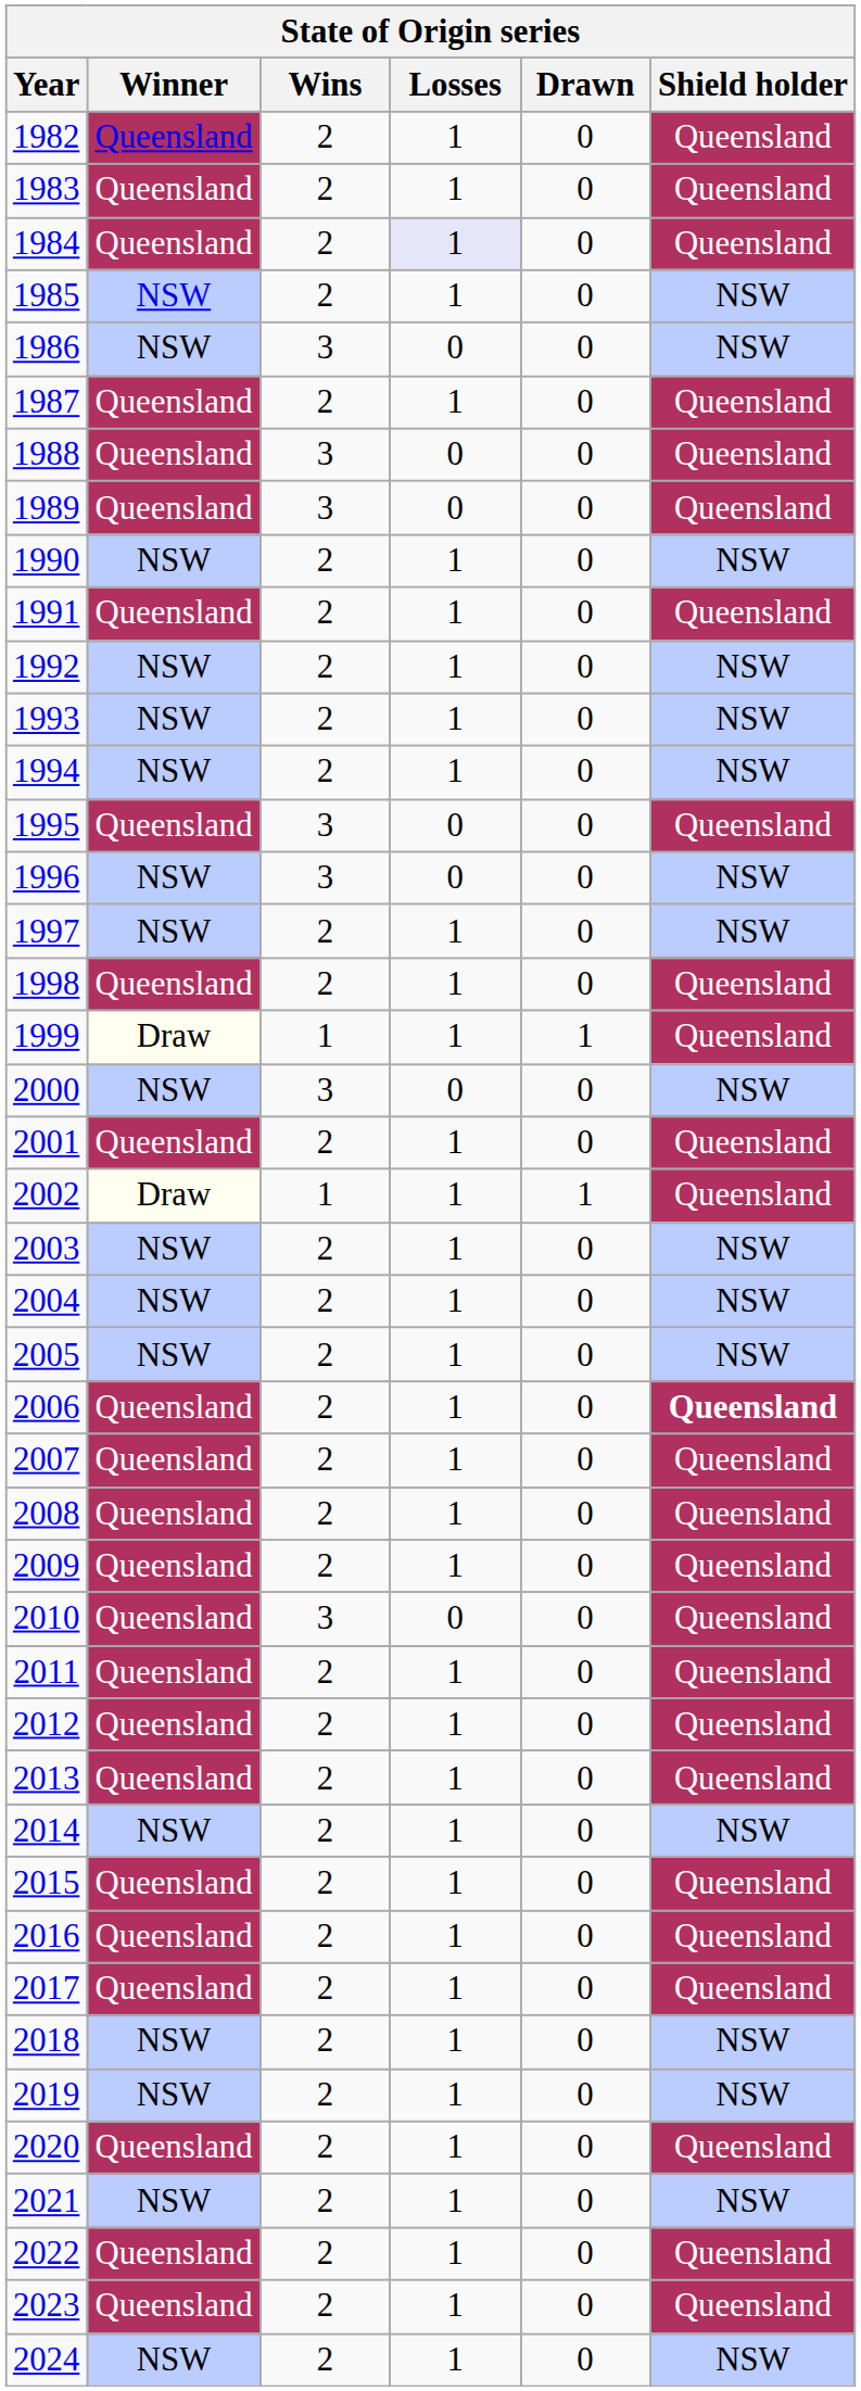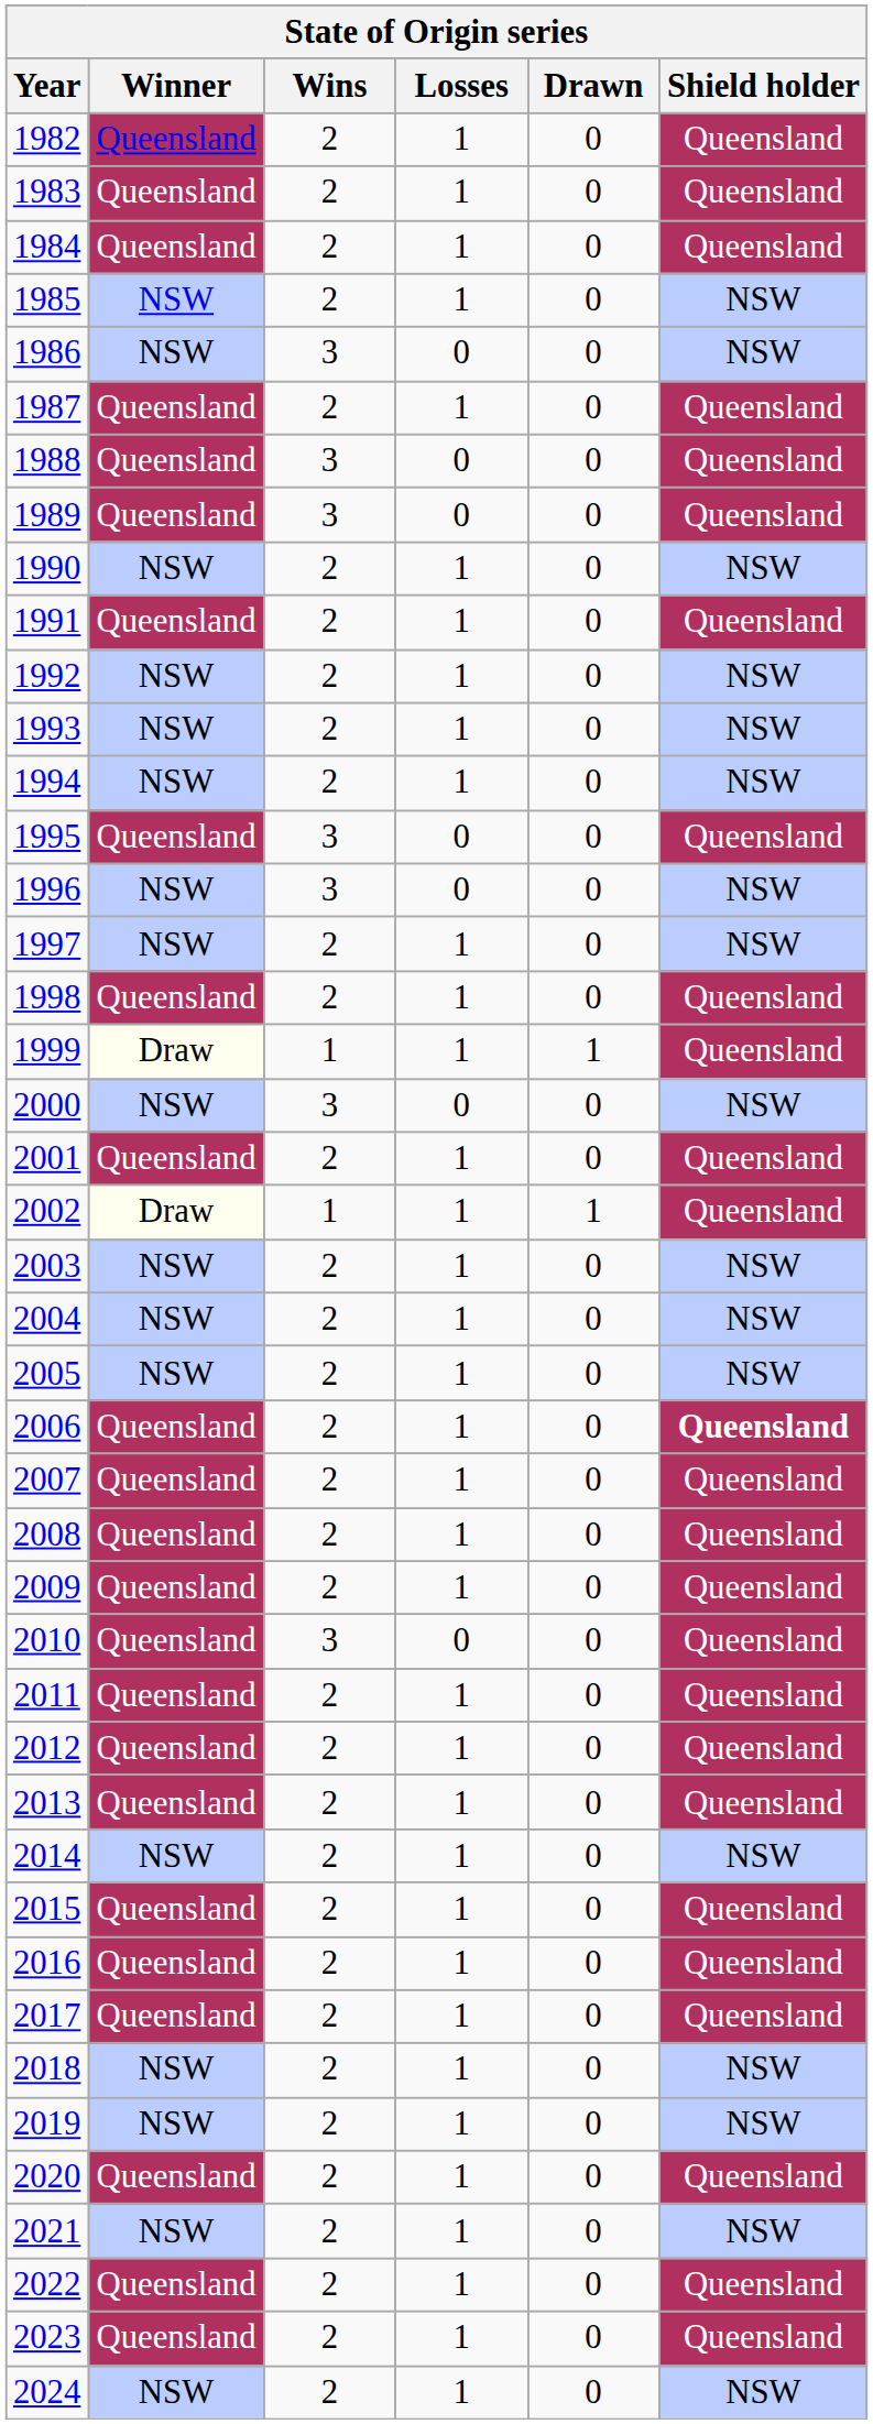 <table class="wikitable sortable" style="margin: 1em auto; text-align:center;">
 <tr>
 <th colspan=6>State of Origin series</th>
 </tr>
 <tr>
 <th>Year</th>
 <th>Winner</th>
 <th width=55px>Wins</th>
 <th width=55px>Losses</th>
 <th width=55px>Drawn</th>
 <th>Shield holder</th>
 </tr>
 <tr>
 <td><a href='#'>1982</a></td>
 <td style="background:#b03060;color:white"><a href='#'><span>Queensland</span></a></td>
 <td>2</td>
 <td>1</td>
 <td>0</td>
 <td style="background:#b03060;color:white">Queensland</td>
 </tr>
 <tr>
 <td><a href='#'>1983</a></td>
 <td style="background:#b03060;color:white">Queensland</td>
 <td>2</td>
 <td>1</td>
 <td>0</td>
 <td style="background:#b03060;color:white">Queensland</td>
 </tr>
 <tr>
 <td><a href='#'>1984</a></td>
 <td style="background:#b03060;color:white">Queensland</td>
 <td>2</td>
-<td style="background: lavender;">1</td>
+<td>1</td>
 <td>0</td>
 <td style="background:#b03060;color:white">Queensland</td>
 </tr>
 <tr>
 <td><a href='#'>1985</a></td>
 <td style="background:#bcf"><a href='#'>NSW</a></td>
 <td>2</td>
 <td>1</td>
 <td>0</td>
 <td style="background:#bcf;">NSW</td>
 </tr>
 <tr>
 <td><a href='#'>1986</a></td>
 <td style="background:#bcf">NSW</td>
 <td>3</td>
 <td>0</td>
 <td>0</td>
 <td style="background:#bcf;">NSW</td>
 </tr>
 <tr>
 <td><a href='#'>1987</a></td>
 <td style="background:#b03060;color:white">Queensland</td>
 <td>2</td>
 <td>1</td>
 <td>0</td>
 <td style="background:#b03060;color:white">Queensland</td>
 </tr>
 <tr>
 <td><a href='#'>1988</a></td>
 <td style="background:#b03060;color:white">Queensland</td>
 <td>3</td>
 <td>0</td>
 <td>0</td>
 <td style="background:#b03060;color:white">Queensland</td>
 </tr>
 <tr>
 <td><a href='#'>1989</a></td>
 <td style="background:#b03060;color:white">Queensland</td>
 <td>3</td>
 <td>0</td>
 <td>0</td>
 <td style="background:#b03060;color:white">Queensland</td>
 </tr>
 <tr>
 <td><a href='#'>1990</a></td>
 <td style="background:#bcf">NSW</td>
 <td>2</td>
 <td>1</td>
 <td>0</td>
 <td style="background:#bcf;">NSW</td>
 </tr>
 <tr>
 <td><a href='#'>1991</a></td>
 <td style="background:#b03060;color:white">Queensland</td>
 <td>2</td>
 <td>1</td>
 <td>0</td>
 <td style="background:#b03060;color:white">Queensland</td>
 </tr>
 <tr>
 <td><a href='#'>1992</a></td>
 <td style="background:#bcf">NSW</td>
 <td>2</td>
 <td>1</td>
 <td>0</td>
 <td style="background:#bcf;">NSW</td>
 </tr>
 <tr>
 <td><a href='#'>1993</a></td>
 <td style="background:#bcf">NSW</td>
 <td>2</td>
 <td>1</td>
 <td>0</td>
 <td style="background:#bcf;">NSW</td>
 </tr>
 <tr>
 <td><a href='#'>1994</a></td>
 <td style="background:#bcf">NSW</td>
 <td>2</td>
 <td>1</td>
 <td>0</td>
 <td style="background:#bcf;">NSW</td>
 </tr>
 <tr>
 <td><a href='#'>1995</a></td>
 <td style="background:#b03060;color:white">Queensland</td>
 <td>3</td>
 <td>0</td>
 <td>0</td>
 <td style="background:#b03060;color:white">Queensland</td>
 </tr>
 <tr>
 <td><a href='#'>1996</a></td>
 <td style="background:#bcf">NSW</td>
 <td>3</td>
 <td>0</td>
 <td>0</td>
 <td style="background:#bcf;">NSW</td>
 </tr>
 <tr>
 <td><a href='#'>1997</a></td>
 <td style="background:#bcf">NSW</td>
 <td>2</td>
 <td>1</td>
 <td>0</td>
 <td style="background:#bcf;">NSW</td>
 </tr>
 <tr>
 <td><a href='#'>1998</a></td>
 <td style="background:#b03060;color:white">Queensland</td>
 <td>2</td>
 <td>1</td>
 <td>0</td>
 <td style="background:#b03060;color:white">Queensland</td>
 </tr>
 <tr>
 <td><a href='#'>1999</a></td>
 <td style="background:#FFFFF0">Draw</td>
 <td>1</td>
 <td>1</td>
 <td>1</td>
 <td style="background:#b03060;color:white">Queensland</td>
 </tr>
 <tr>
 <td><a href='#'>2000</a></td>
 <td style="background:#bcf">NSW</td>
 <td>3</td>
 <td>0</td>
 <td>0</td>
 <td style="background:#bcf;">NSW</td>
 </tr>
 <tr>
 <td><a href='#'>2001</a></td>
 <td style="background:#b03060;color:white">Queensland</td>
 <td>2</td>
 <td>1</td>
 <td>0</td>
 <td style="background:#b03060;color:white">Queensland</td>
 </tr>
 <tr>
 <td><a href='#'>2002</a></td>
 <td style="background:#FFFFF0">Draw</td>
 <td>1</td>
 <td>1</td>
 <td>1</td>
 <td style="background:#b03060;color:white">Queensland</td>
 </tr>
 <tr>
 <td><a href='#'>2003</a></td>
 <td style="background:#bcf">NSW</td>
 <td>2</td>
 <td>1</td>
 <td>0</td>
 <td style="background:#bcf;">NSW</td>
 </tr>
 <tr>
 <td><a href='#'>2004</a></td>
 <td style="background:#bcf">NSW</td>
 <td>2</td>
 <td>1</td>
 <td>0</td>
 <td style="background:#bcf;">NSW</td>
 </tr>
 <tr>
 <td><a href='#'>2005</a></td>
 <td style="background:#bcf">NSW</td>
 <td>2</td>
 <td>1</td>
 <td>0</td>
 <td style="background:#bcf;">NSW</td>
 </tr>
 <tr>
 <td><a href='#'>2006</a></td>
 <td style="background:#b03060;color:white">Queensland</td>
 <td>2</td>
 <td>1</td>
 <td>0</td>
 <td style="background:#b03060;color:white"><strong>Queensland</strong></td>
 </tr>
 <tr>
 <td><a href='#'>2007</a></td>
 <td style="background:#b03060;color:white">Queensland</td>
 <td>2</td>
 <td>1</td>
 <td>0</td>
 <td style="background:#b03060;color:white">Queensland</td>
 </tr>
 <tr>
 <td><a href='#'>2008</a></td>
 <td style="background:#b03060;color:white">Queensland</td>
 <td>2</td>
 <td>1</td>
 <td>0</td>
 <td style="background:#b03060;color:white">Queensland</td>
 </tr>
 <tr>
 <td><a href='#'>2009</a></td>
 <td style="background:#b03060;color:white">Queensland</td>
 <td>2</td>
 <td>1</td>
 <td>0</td>
 <td style="background:#b03060;color:white">Queensland</td>
 </tr>
 <tr>
 <td><a href='#'>2010</a></td>
 <td style="background:#b03060;color:white">Queensland</td>
 <td>3</td>
 <td>0</td>
 <td>0</td>
 <td style="background:#b03060;color:white">Queensland</td>
 </tr>
 <tr>
 <td><a href='#'>2011</a></td>
 <td style="background:#b03060;color:white">Queensland</td>
 <td>2</td>
 <td>1</td>
 <td>0</td>
 <td style="background:#b03060;color:white">Queensland</td>
 </tr>
 <tr>
 <td><a href='#'>2012</a></td>
 <td style="background:#b03060;color:white">Queensland</td>
 <td>2</td>
 <td>1</td>
 <td>0</td>
 <td style="background:#b03060;color:white">Queensland</td>
 </tr>
 <tr>
 <td><a href='#'>2013</a></td>
 <td style="background:#b03060;color:white">Queensland</td>
 <td>2</td>
 <td>1</td>
 <td>0</td>
 <td style="background:#b03060;color:white">Queensland</td>
 </tr>
 <tr>
 <td><a href='#'>2014</a></td>
 <td style="background:#bcf">NSW</td>
 <td>2</td>
 <td>1</td>
 <td>0</td>
 <td style="background:#bcf;">NSW</td>
 </tr>
 <tr>
 <td><a href='#'>2015</a></td>
 <td style="background:#b03060;color:white">Queensland</td>
 <td>2</td>
 <td>1</td>
 <td>0</td>
 <td style="background:#b03060;color:white">Queensland</td>
 </tr>
 <tr>
 <td><a href='#'>2016</a></td>
 <td style="background:#b03060;color:white">Queensland</td>
 <td>2</td>
 <td>1</td>
 <td>0</td>
 <td style="background:#b03060;color:white">Queensland</td>
 </tr>
 <tr>
 <td><a href='#'>2017</a></td>
 <td style="background:#b03060;color:white">Queensland</td>
 <td>2</td>
 <td>1</td>
 <td>0</td>
 <td style="background:#b03060;color:white">Queensland</td>
 </tr>
 <tr>
 <td><a href='#'>2018</a></td>
 <td style="background:#bcf">NSW</td>
 <td>2</td>
 <td>1</td>
 <td>0</td>
 <td style="background:#bcf;">NSW</td>
 </tr>
 <tr>
 <td><a href='#'>2019</a></td>
 <td style="background:#bcf">NSW</td>
 <td>2</td>
 <td>1</td>
 <td>0</td>
 <td style="background:#bcf;">NSW</td>
 </tr>
 <tr>
 <td><a href='#'>2020</a></td>
 <td style="background:#b03060;color:white">Queensland</td>
 <td>2</td>
 <td>1</td>
 <td>0</td>
 <td style="background:#b03060;color:white">Queensland</td>
 </tr>
 <tr>
 <td><a href='#'>2021</a></td>
 <td style="background:#bcf">NSW</td>
 <td>2</td>
 <td>1</td>
 <td>0</td>
 <td style="background: #bcf;">NSW</td>
 </tr>
 <tr>
 <td><a href='#'>2022</a></td>
 <td style="background:#b03060;color:white">Queensland</td>
 <td>2</td>
 <td>1</td>
 <td>0</td>
 <td style="background:#b03060;color:white">Queensland</td>
 </tr>
 <tr>
 <td><a href='#'>2023</a></td>
 <td style="background:#b03060;color:white">Queensland</td>
 <td>2</td>
 <td>1</td>
 <td>0</td>
 <td style="background:#b03060;color:white">Queensland</td>
 </tr>
 <tr>
 <td><a href='#'>2024</a></td>
 <td style="background:#bcf">NSW</td>
 <td>2</td>
 <td>1</td>
 <td>0</td>
 <td style="background:#bcf;">NSW</td>
 </tr>
 </table>
